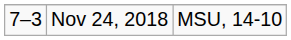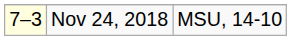 <table class="wikitable">
 <tr align="center">
 </tr>
 <tr align="center">
-<td>7–3</td>
+<td style="background: lightyellow;">7–3</td>
 <td>Nov 24, 2018</td>
 <td>MSU, 14-10</td>
 </tr>
 </table>
